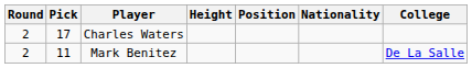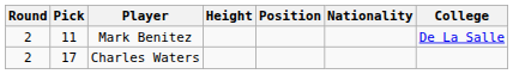 <table class="wikitable sortable sortable">
 <tr>
 <th>Round</th>
 <th>Pick</th>
 <th>Player</th>
 <th>Height</th>
 <th>Position</th>
 <th>Nationality</th>
 <th>College</th>
 </tr>
 <tr style="text-align: center">
 <td>2</td>
+<td>11</td>
+<td>Mark Benitez</td>
+<td></td>
+<td></td>
+<td></td>
+<td><a href='#'>De La Salle</a></td>
+</tr>
+<tr style="text-align: center">
+<td>2</td>
 <td>17</td>
 <td>Charles Waters</td>
 <td></td>
 <td></td>
 <td></td>
 <td></td>
 </tr>
-<tr style="text-align: center">
-<td>2</td>
-<td>11</td>
-<td>Mark Benitez</td>
-<td></td>
-<td></td>
-<td></td>
-<td><a href='#'>De La Salle</a></td>
-</tr>
 </table>
